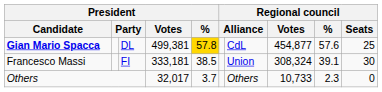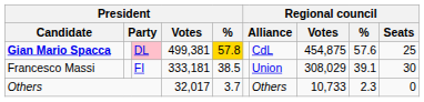 <table class="wikitable" style="text-align:right; style="width=65%">
 <tr>
 <th colspan="5">President</th>
 <th colspan="7">Regional council</th>
 </tr>
 <tr>
 <th>Candidate</th>
 <th colspan="2">Party</th>
 <th>Votes</th>
 <th>%</th>
 <th colspan="2">Alliance</th>
 <th>Votes</th>
 <th>%</th>
 <th>Seats</th>
 </tr>
 <tr>
 <td style="text-align:left"><strong><a href='#'>Gian Mario Spacca</a></strong></td>
 <td></td>
-<td style="text-align:left"><a href='#'>DL</a></td>
+<td style="background: pink; text-align:left"><a href='#'>DL</a></td>
 <td>499,381</td>
 <td style="background: gold;">57.8</td>
 <td></td>
 <td style="text-align:left"><a href='#'>CdL</a></td>
-<td>454,877</td>
+<td>454,875</td>
 <td>57.6</td>
 <td>25</td>
 </tr>
 <tr>
 <td style="text-align:left">Francesco Massi</td>
 <td></td>
 <td style="text-align:left"><a href='#'>FI</a></td>
 <td>333,181</td>
 <td>38.5</td>
 <td></td>
 <td style="text-align:left"><a href='#'>Union</a></td>
-<td>308,324</td>
+<td>308,029</td>
 <td>39.1</td>
 <td>30</td>
 </tr>
 <tr>
 <td colspan="3" style="text-align:left"><em>Others</em></td>
 <td>32,017</td>
 <td>3.7</td>
 <td></td>
 <td style="text-align:left"><em>Others</em></td>
 <td>10,733</td>
 <td>2.3</td>
 <td>0</td>
 </tr>
 </table>
